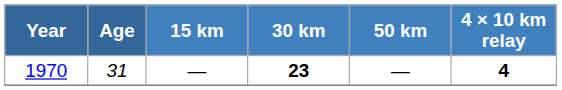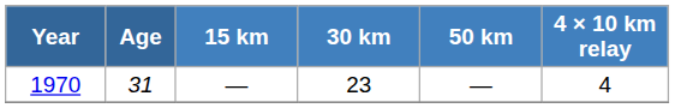 <table class="wikitable" style="font-size:95%; text-align:center; border:grey solid 1px; border-collapse:collapse; background:#ffffff;">
 <tr>
 <th style="background-color:#369; color:white; width:60px;"> Year </th>
 <th style="background-color:#369; color:white; width:40px;"> Age </th>
 <th style="background-color:#4180be; color:white; width:75px;"> 15 km </th>
 <th style="background-color:#4180be; color:white; width:75px;"> 30 km </th>
 <th style="background-color:#4180be; color:white; width:75px;"> 50 km </th>
 <th style="background-color:#4180be; color:white; width:75px;"> 4 × 10 km <br> relay </th>
 </tr>
 <tr>
 <td><a href='#'>1970</a></td>
 <td><em>31</em></td>
 <td>—</td>
-<td><strong>23</strong></td>
+<td>23</td>
 <td>—</td>
-<td><strong>4</strong></td>
+<td>4</td>
 </tr>
 <tr>
 </tr>
 </table>
